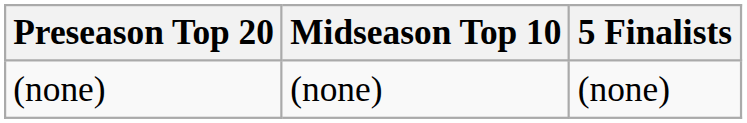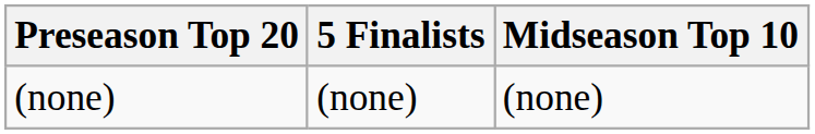 <table class="wikitable">
 <tr>
 <th>Preseason Top 20</th>
+<th>5 Finalists</th>
 <th>Midseason Top 10</th>
-<th>5 Finalists</th>
 </tr>
 <tr>
 <td>(none)</td>
 <td>(none)</td>
 <td>(none)</td>
 </tr>
 </table>
